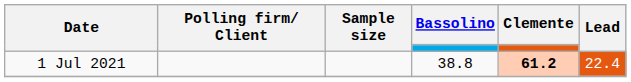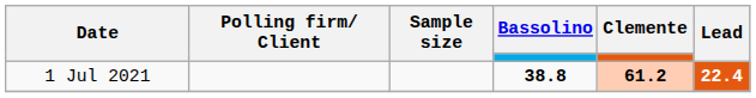 <table class=wikitable style="text-align:center;font-size:85%;line-height:13px">
 <tr style="height:30px; background-color:#E9E9E9">
 <th style="width:110px;" rowspan="2">Date</th>
 <th style="width:120px;" rowspan="2">Polling firm/<br>Client</th>
 <th style="width:60px;" rowspan="2">Sample size</th>
 <th style="width:55px;"><a href='#'>Bassolino</a></th>
 <th style="width:55px;">Clemente</th>
 <th style="width:30px;" rowspan="2">Lead</th>
 </tr>
 <tr>
 <th style="background:#01A9E8;”"></th>
 <th style="background:#E4590F;”"></th>
 </tr>
 <tr>
 <td>1 Jul 2021</td>
 <td></td>
 <td></td>
-<td>38.8</td>
+<td><strong>38.8</strong></td>
 <td style="background:#ffcdb3"><strong>61.2</strong></td>
-<td style="background:#E4590F; color:white;">22.4</td>
+<td style="background:#E4590F; color:white;"><strong>22.4</strong></td>
 </tr>
 <tr>
 </tr>
 </table>
